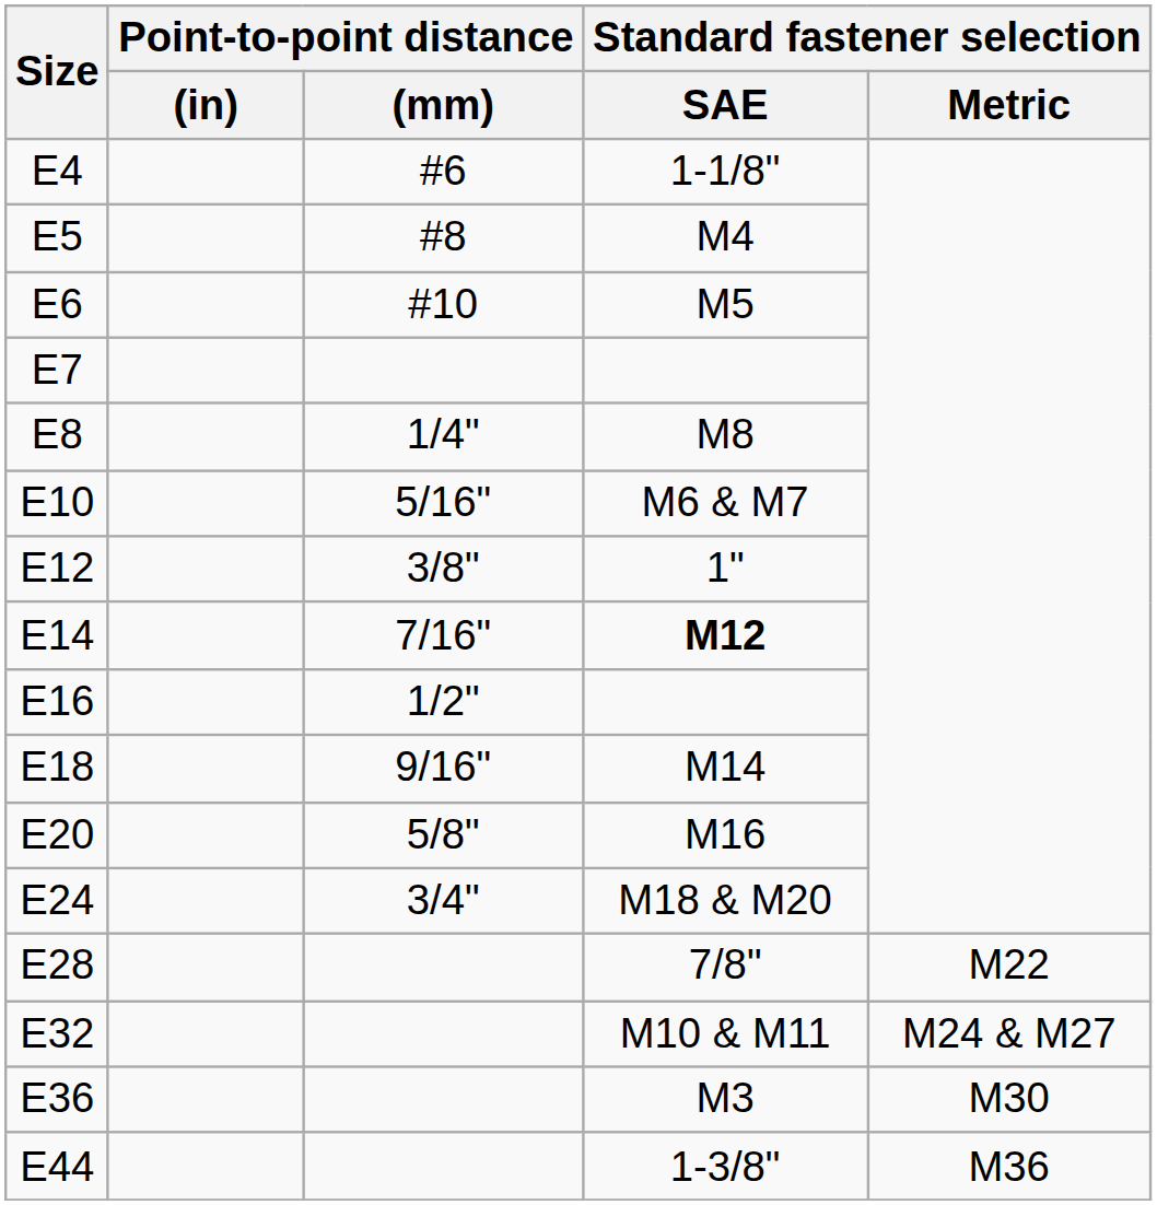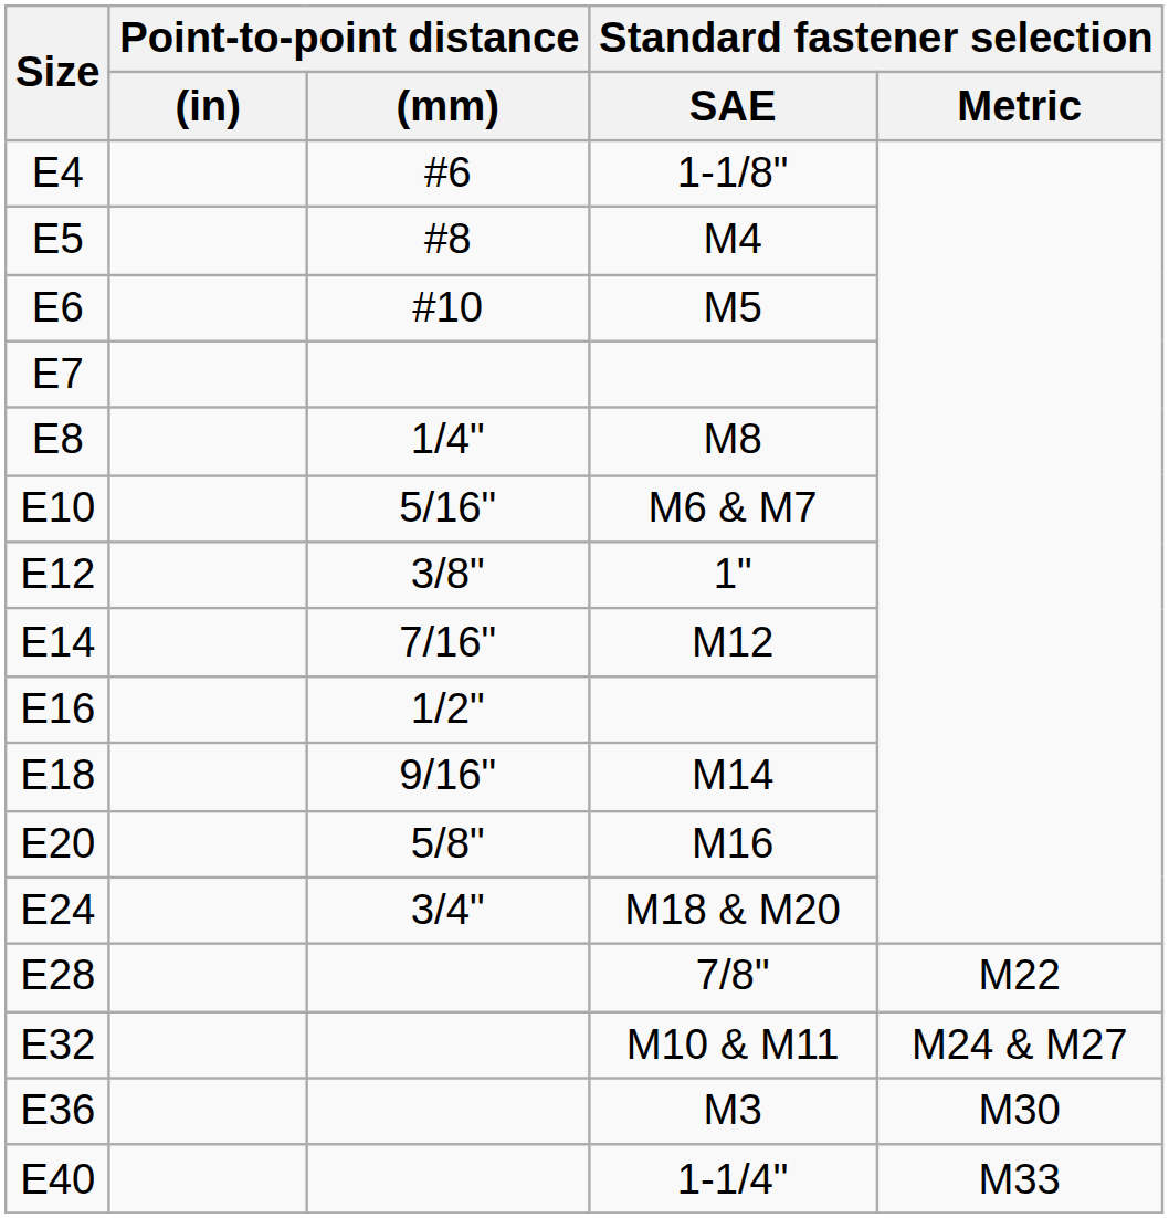 <table class="wikitable mw-collapsible mw-collapsed" style="text-align:center;">
 <tr>
 <th rowspan="2" scope="col" style="valign:bottom;">Size</th>
 <th colspan="2" scope="col">Point-to-point distance</th>
 <th colspan="2" scope="col">Standard fastener selection</th>
 </tr>
 <tr>
 <th scope="col">(in)</th>
 <th scope="col">(mm)</th>
 <th scope="col">SAE</th>
 <th scope="col">Metric</th>
 </tr>
 <tr>
 <td>E4</td>
 <td></td>
 <td>#6</td>
 <td>1-1/8"</td>
 </tr>
 <tr>
 <td>E5</td>
 <td></td>
 <td>#8</td>
 <td>M4</td>
 </tr>
 <tr>
 <td>E6</td>
 <td></td>
 <td>#10</td>
 <td>M5</td>
 </tr>
 <tr>
 <td>E7</td>
 <td></td>
 <td></td>
 <td></td>
 </tr>
 <tr>
 <td>E8</td>
 <td></td>
 <td>1/4"</td>
 <td>M8</td>
 </tr>
 <tr>
 <td>E10</td>
 <td></td>
 <td>5/16"</td>
 <td>M6 & M7</td>
 </tr>
 <tr>
 <td>E12</td>
 <td></td>
 <td>3/8"</td>
 <td>1"</td>
 </tr>
 <tr>
 <td>E14</td>
 <td></td>
 <td>7/16"</td>
-<td><strong>M12</strong></td>
+<td>M12</td>
 </tr>
 <tr>
 <td>E16</td>
 <td></td>
 <td>1/2"</td>
 <td></td>
 </tr>
 <tr>
 <td>E18</td>
 <td></td>
 <td>9/16"</td>
 <td>M14</td>
 </tr>
 <tr>
 <td>E20</td>
 <td></td>
 <td>5/8"</td>
 <td>M16</td>
 </tr>
 <tr>
 <td>E24</td>
 <td></td>
 <td>3/4"</td>
 <td>M18 & M20</td>
 </tr>
 <tr>
 <td>E28</td>
 <td></td>
 <td></td>
 <td>7/8"</td>
 <td>M22</td>
 </tr>
 <tr>
 <td>E32</td>
 <td></td>
 <td></td>
 <td>M10 & M11</td>
 <td>M24 & M27</td>
 </tr>
 <tr>
 <td>E36</td>
 <td></td>
 <td></td>
 <td>M3</td>
 <td>M30</td>
 </tr>
 <tr>
-<td>E44</td>
+<td>E40</td>
 <td></td>
 <td></td>
-<td>1-3/8"</td>
-<td>M36</td>
+<td>1-1/4"</td>
+<td>M33</td>
 </tr>
 </table>
